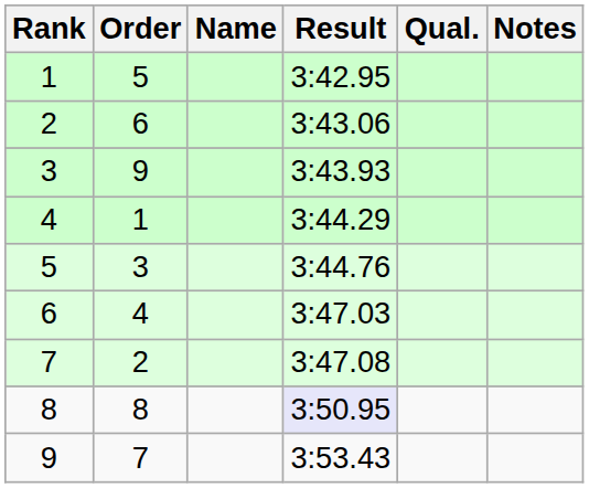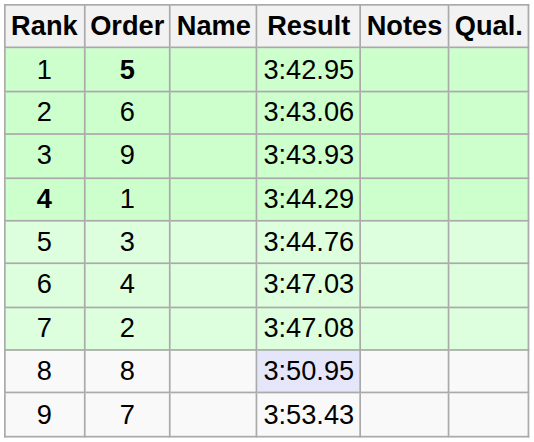 <table class="wikitable sortable" style="text-align:center">
 <tr>
 <th>Rank</th>
 <th>Order</th>
 <th>Name</th>
 <th>Result</th>
+<th>Notes</th>
 <th>Qual.</th>
-<th>Notes</th>
 </tr>
 <tr bgcolor=ccffcc>
 <td>1</td>
-<td>5</td>
+<td><strong>5</strong></td>
 <td align="left"></td>
 <td>3:42.95</td>
 <td></td>
 <td></td>
 </tr>
 <tr bgcolor=ccffcc>
 <td>2</td>
 <td>6</td>
 <td align="left"></td>
 <td>3:43.06</td>
 <td></td>
 <td></td>
 </tr>
 <tr bgcolor=ccffcc>
 <td>3</td>
 <td>9</td>
 <td align="left"></td>
 <td>3:43.93</td>
 <td></td>
 <td></td>
 </tr>
 <tr bgcolor=ccffcc>
-<td>4</td>
+<td><strong>4</strong></td>
 <td>1</td>
 <td align="left"></td>
 <td>3:44.29</td>
 <td></td>
 <td></td>
 </tr>
 <tr bgcolor=ddffdd>
 <td>5</td>
 <td>3</td>
 <td align="left"></td>
 <td>3:44.76</td>
 <td></td>
 <td></td>
 </tr>
 <tr bgcolor=ddffdd>
 <td>6</td>
 <td>4</td>
 <td align="left"></td>
 <td>3:47.03</td>
 <td></td>
 <td></td>
 </tr>
 <tr bgcolor=ddffdd>
 <td>7</td>
 <td>2</td>
 <td align="left"></td>
 <td>3:47.08</td>
 <td></td>
 <td></td>
 </tr>
 <tr>
 <td>8</td>
 <td>8</td>
 <td align="left"></td>
 <td style="background: lavender;">3:50.95</td>
 <td></td>
 <td></td>
 </tr>
 <tr>
 <td>9</td>
 <td>7</td>
 <td align="left"></td>
 <td>3:53.43</td>
 <td></td>
 <td></td>
 </tr>
 </table>
